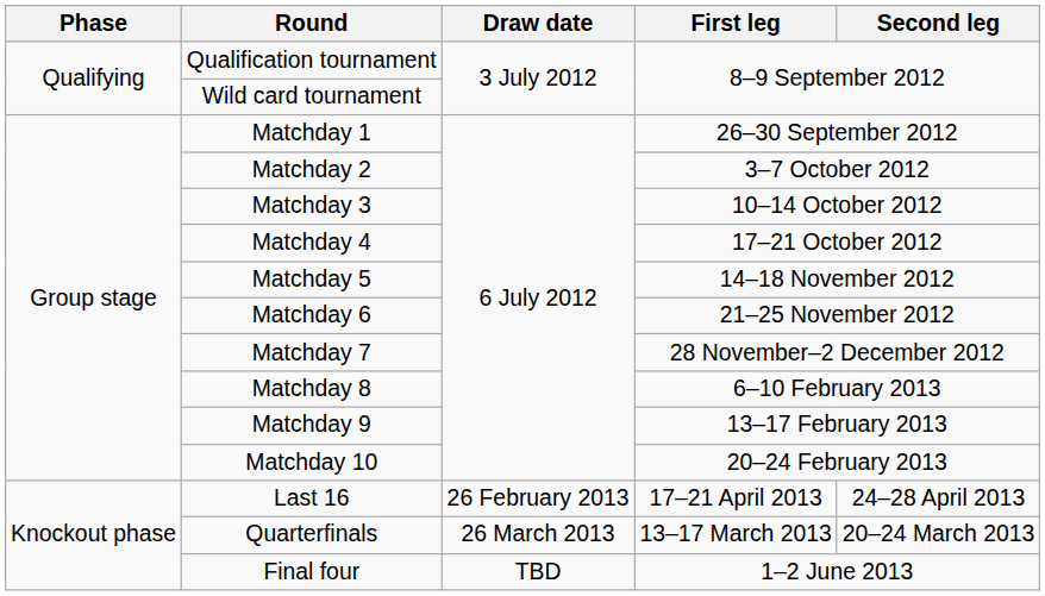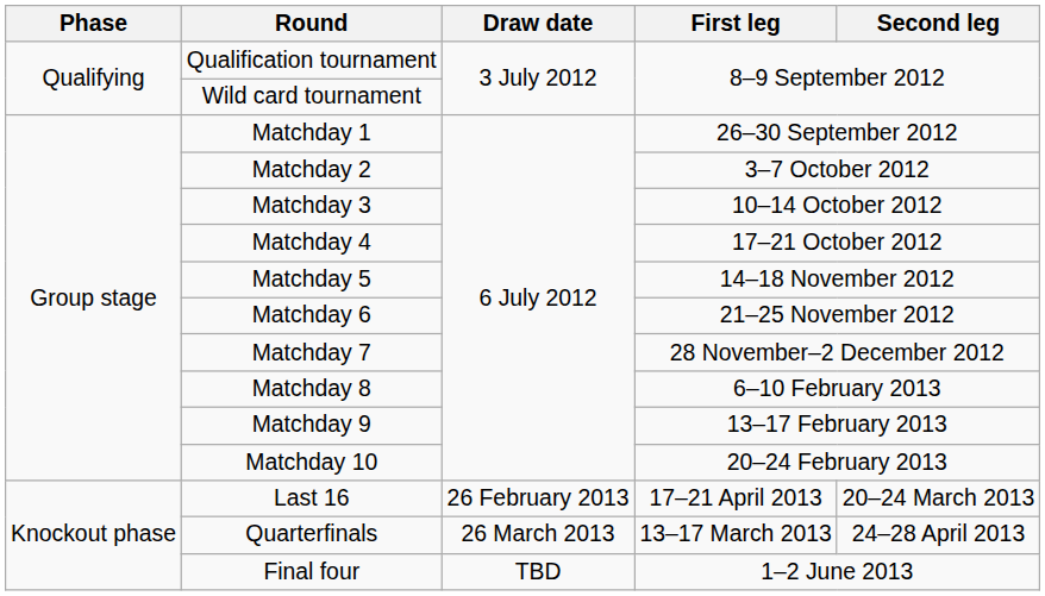 <table class="wikitable" style="text-align:center">
 <tr>
 <th>Phase</th>
 <th>Round</th>
 <th>Draw date</th>
 <th>First leg</th>
 <th>Second leg</th>
 </tr>
 <tr>
 <td rowspan="2">Qualifying</td>
 <td>Qualification tournament</td>
 <td rowspan="2">3 July 2012</td>
 <td colspan="2" rowspan="2">8–9 September 2012</td>
 </tr>
 <tr>
 <td>Wild card tournament</td>
 </tr>
 <tr>
 <td rowspan="10">Group stage</td>
 <td>Matchday 1</td>
 <td rowspan="10">6 July 2012</td>
 <td colspan="2">26–30 September 2012</td>
 </tr>
 <tr>
 <td>Matchday 2</td>
 <td colspan="2">3–7 October 2012</td>
 </tr>
 <tr>
 <td>Matchday 3</td>
 <td colspan="2">10–14 October 2012</td>
 </tr>
 <tr>
 <td>Matchday 4</td>
 <td colspan="2">17–21 October 2012</td>
 </tr>
 <tr>
 <td>Matchday 5</td>
 <td colspan="2">14–18 November 2012</td>
 </tr>
 <tr>
 <td>Matchday 6</td>
 <td colspan="2">21–25 November 2012</td>
 </tr>
 <tr>
 <td>Matchday 7</td>
 <td colspan="2">28 November–2 December 2012</td>
 </tr>
 <tr>
 <td>Matchday 8</td>
 <td colspan="2">6–10 February 2013</td>
 </tr>
 <tr>
 <td>Matchday 9</td>
 <td colspan="2">13–17 February 2013</td>
 </tr>
 <tr>
 <td>Matchday 10</td>
 <td colspan="2">20–24 February 2013</td>
 </tr>
 <tr>
 <td rowspan="3">Knockout phase</td>
 <td>Last 16</td>
 <td>26 February 2013</td>
 <td>17–21 April 2013</td>
-<td>24–28 April 2013</td>
+<td>20–24 March 2013</td>
 </tr>
 <tr>
 <td>Quarterfinals</td>
 <td>26 March 2013</td>
 <td>13–17 March 2013</td>
-<td>20–24 March 2013</td>
+<td>24–28 April 2013</td>
 </tr>
 <tr>
 <td>Final four</td>
 <td>TBD</td>
 <td colspan="2">1–2 June 2013</td>
 </tr>
 </table>
